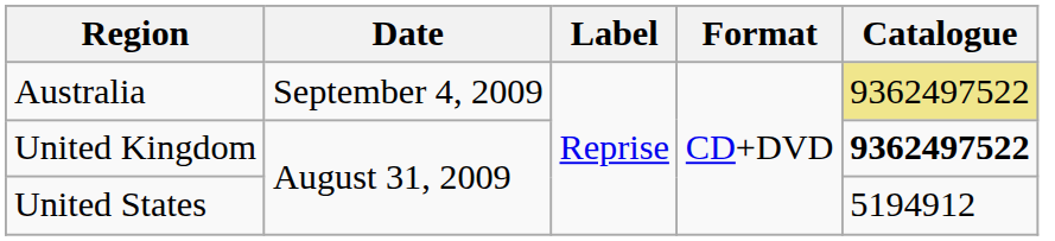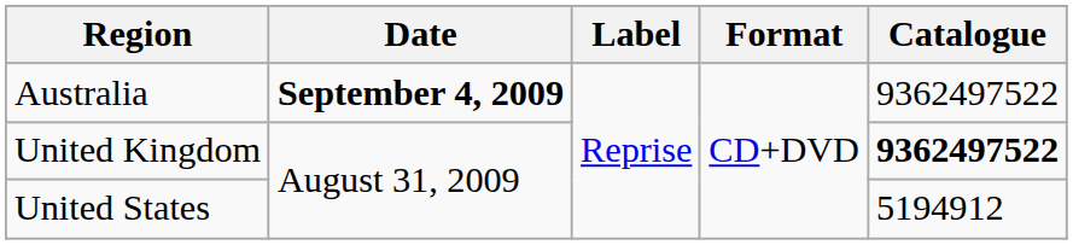 <table class="wikitable">
 <tr>
 <th>Region</th>
 <th>Date</th>
 <th>Label</th>
 <th>Format</th>
 <th>Catalogue</th>
 </tr>
 <tr>
 <td>Australia</td>
-<td>September 4, 2009</td>
+<td><strong>September 4, 2009</strong></td>
 <td rowspan="3"><a href='#'>Reprise</a></td>
 <td rowspan="3"><a href='#'>CD</a>+DVD</td>
-<td style="background: khaki;">9362497522</td>
+<td>9362497522</td>
 </tr>
 <tr>
 <td>United Kingdom</td>
 <td rowspan="2">August 31, 2009</td>
 <td><strong>9362497522</strong></td>
 </tr>
 <tr>
 <td>United States</td>
 <td>5194912</td>
 </tr>
 </table>
